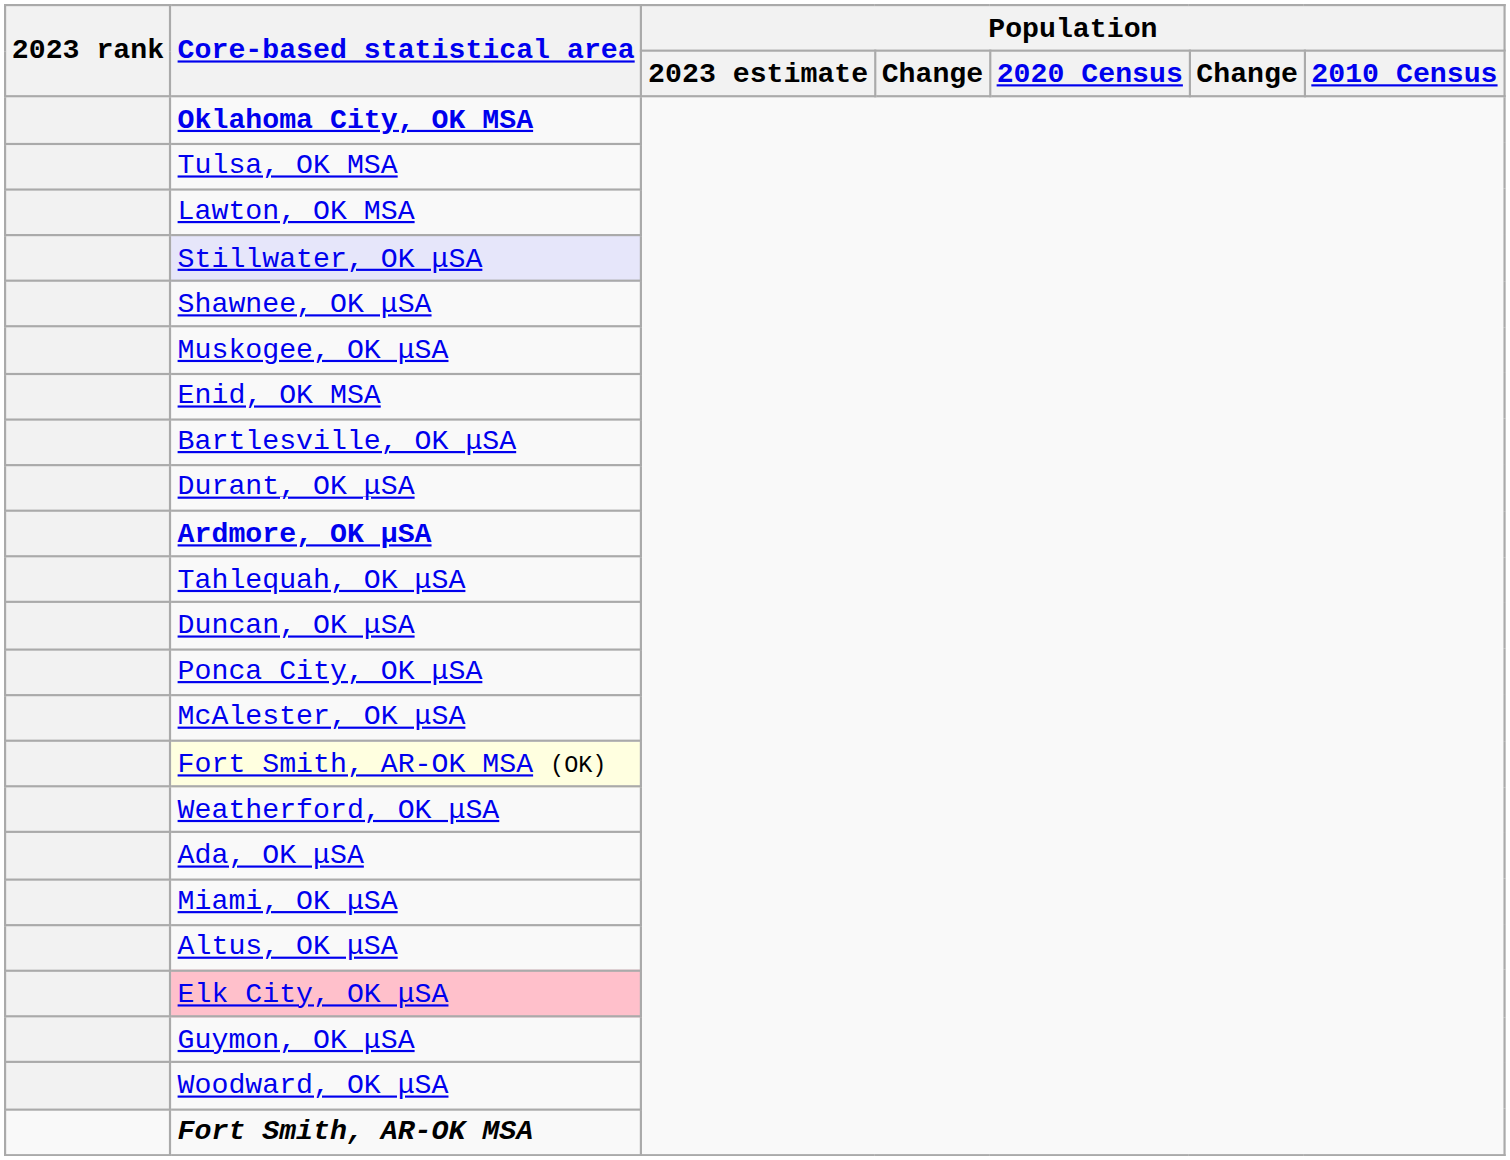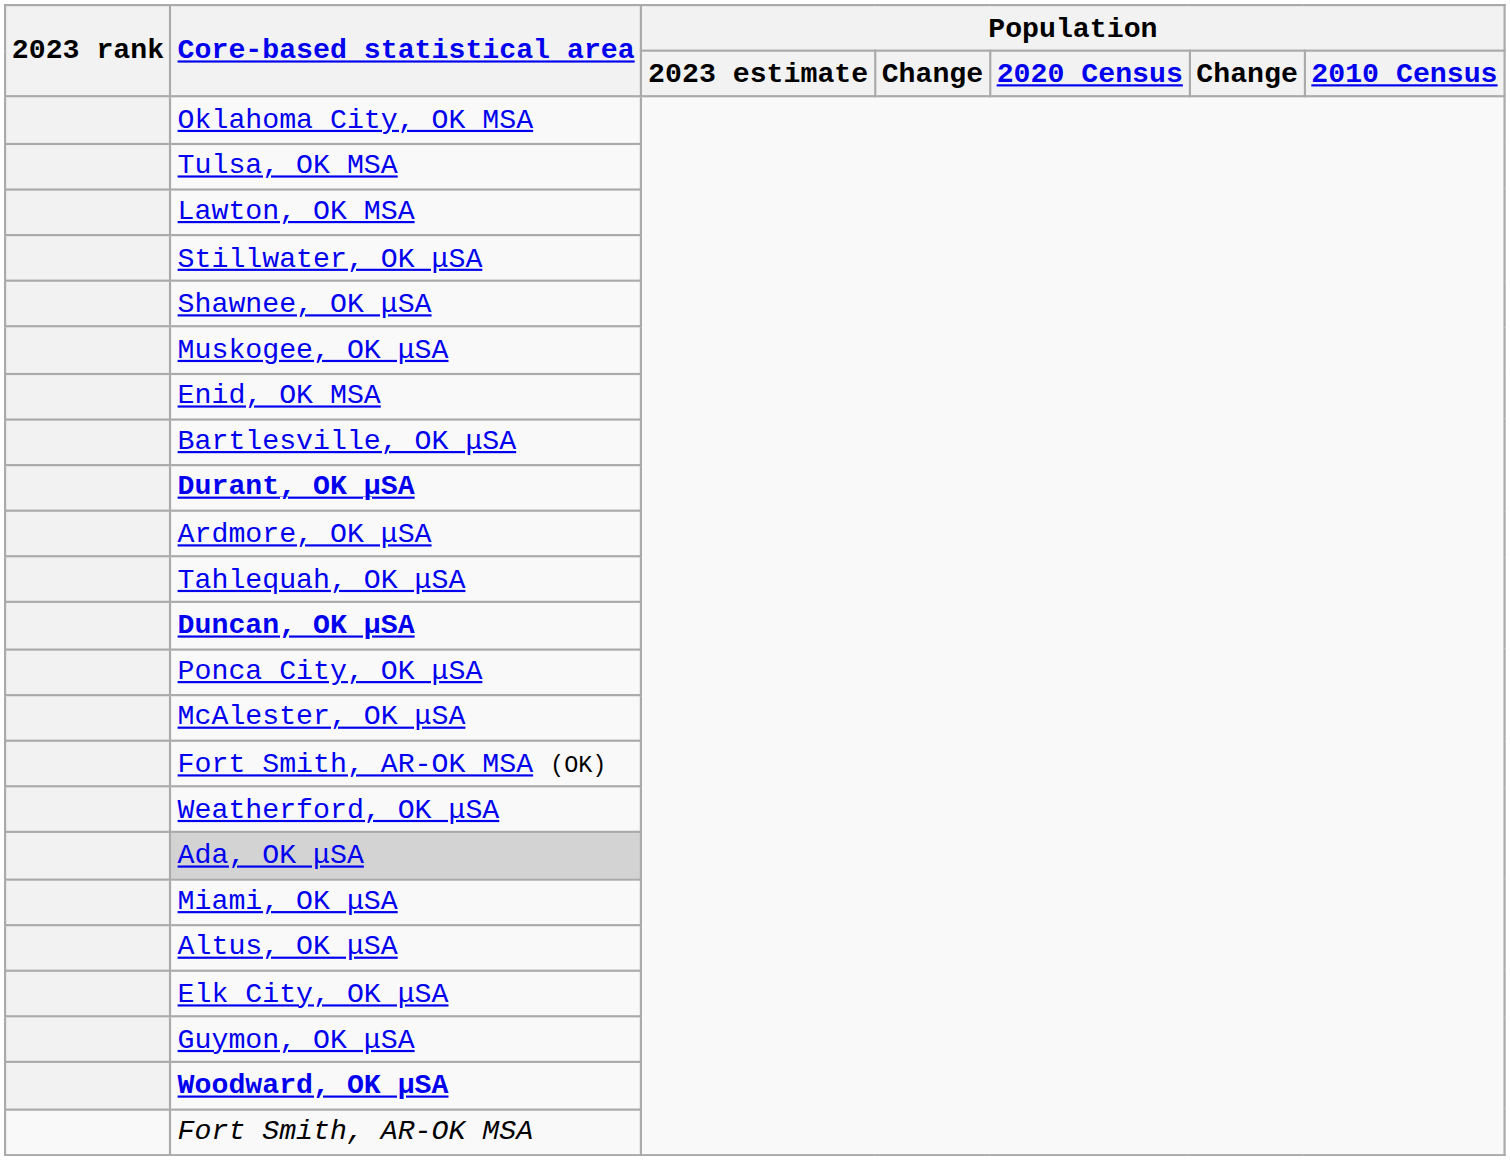 <table class="wikitable sortable">
 <tr>
 <th scope=col rowspan=2>2023 rank</th>
 <th scope=col rowspan=2><a href='#'>Core-based statistical area</a></th>
 <th colspan=5>Population</th>
 </tr>
 <tr>
 <th scope=col>2023 estimate</th>
 <th scope=col>Change</th>
 <th scope=col><a href='#'>2020 Census</a></th>
 <th scope=col>Change</th>
 <th scope=col><a href='#'>2010 Census</a></th>
 </tr>
 <tr>
 <th scope=row></th>
-<td><strong><a href='#'>Oklahoma City, OK MSA</a><br></strong></td>
+<td><a href='#'>Oklahoma City, OK MSA</a><br></td>
 </tr>
 <tr>
 <th scope=row></th>
 <td><a href='#'>Tulsa, OK MSA</a><br></td>
 </tr>
 <tr>
 <th scope=row></th>
 <td><a href='#'>Lawton, OK MSA</a><br></td>
 </tr>
 <tr>
 <th scope=row></th>
-<td style="background: lavender;"><a href='#'>Stillwater, OK μSA</a><br></td>
+<td><a href='#'>Stillwater, OK μSA</a><br></td>
 </tr>
 <tr>
 <th scope=row></th>
 <td><a href='#'>Shawnee, OK μSA</a><br></td>
 </tr>
 <tr>
 <th scope=row></th>
 <td><a href='#'>Muskogee, OK μSA</a><br></td>
 </tr>
 <tr>
 <th scope=row></th>
 <td><a href='#'>Enid, OK MSA</a><br></td>
 </tr>
 <tr>
 <th scope=row></th>
 <td><a href='#'>Bartlesville, OK μSA</a><br></td>
 </tr>
 <tr>
 <th scope=row></th>
-<td><a href='#'>Durant, OK μSA</a><br></td>
+<td><strong><a href='#'>Durant, OK μSA</a><br></strong></td>
 </tr>
 <tr>
 <th scope=row></th>
-<td><strong><a href='#'>Ardmore, OK μSA</a><br></strong></td>
+<td><a href='#'>Ardmore, OK μSA</a><br></td>
 </tr>
 <tr>
 <th scope=row></th>
 <td><a href='#'>Tahlequah, OK μSA</a><br></td>
 </tr>
 <tr>
 <th scope=row></th>
-<td><a href='#'>Duncan, OK μSA</a><br></td>
+<td><strong><a href='#'>Duncan, OK μSA</a><br></strong></td>
 </tr>
 <tr>
 <th scope=row></th>
 <td><a href='#'>Ponca City, OK μSA</a><br></td>
 </tr>
 <tr>
 <th scope=row></th>
 <td><a href='#'>McAlester, OK μSA</a><br></td>
 </tr>
 <tr>
 <th scope=row></th>
-<td style="background: lightyellow;"><a href='#'>Fort Smith, AR-OK MSA</a> <small>(OK)</small><br></td>
+<td><a href='#'>Fort Smith, AR-OK MSA</a> <small>(OK)</small><br></td>
 </tr>
 <tr>
 <th scope=row></th>
 <td><a href='#'>Weatherford, OK μSA</a><br></td>
 </tr>
 <tr>
 <th scope=row></th>
-<td><a href='#'>Ada, OK μSA</a><br></td>
+<td style="background: lightgrey;"><a href='#'>Ada, OK μSA</a><br></td>
 </tr>
 <tr>
 <th scope=row></th>
 <td><a href='#'>Miami, OK μSA</a><br></td>
 </tr>
 <tr>
 <th scope=row></th>
 <td><a href='#'>Altus, OK μSA</a><br></td>
 </tr>
 <tr>
 <th scope=row></th>
-<td style="background: pink;"><a href='#'>Elk City, OK μSA</a><br></td>
+<td><a href='#'>Elk City, OK μSA</a><br></td>
 </tr>
 <tr>
 <th scope=row></th>
 <td><a href='#'>Guymon, OK μSA</a><br></td>
 </tr>
 <tr>
 <th scope=row></th>
-<td><a href='#'>Woodward, OK μSA</a><br></td>
+<td><strong><a href='#'>Woodward, OK μSA</a><br></strong></td>
 </tr>
 <tr>
 <td></td>
-<td><strong><em><span>Fort Smith, AR-OK MSA</span></em><br></strong></td>
+<td><em><span>Fort Smith, AR-OK MSA</span></em><br></td>
 </tr>
 </table>
